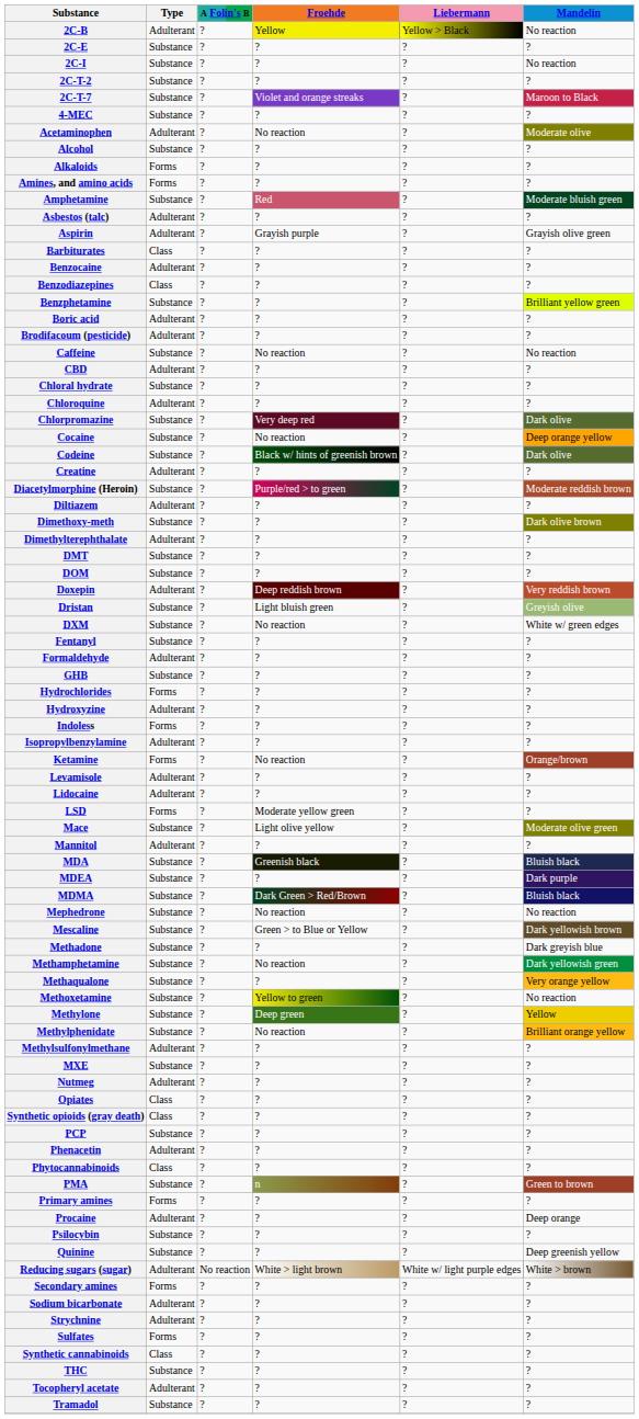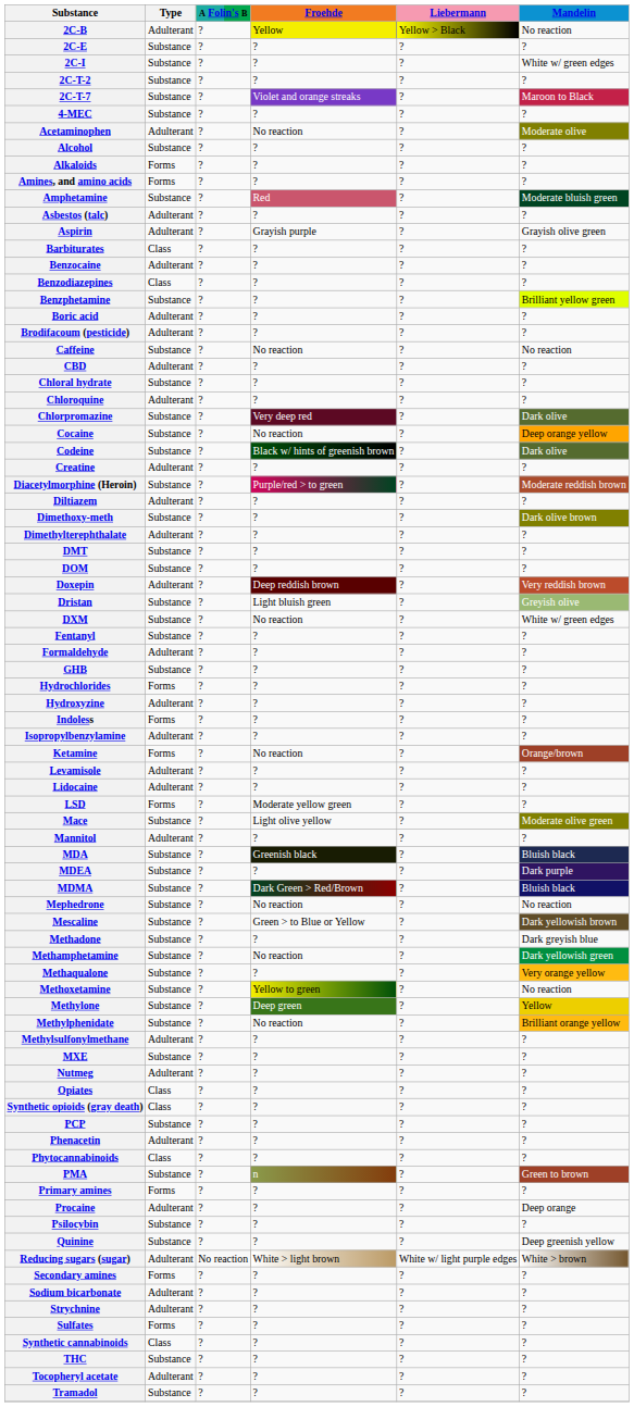 <table class="wikitable sortable">
 <tr>
 <th>Substance</th>
 <th>Type</th>
 <th style="background-image: linear-gradient(to right, #1caca2 50%, #00a74d 50%);"><small>A</small> <a href='#'>Folin's</a> <small>B</small></th>
 <th style="background:#f27b21;"><a href='#'>Froehde</a></th>
 <th style="background:#f69ab1;"><a href='#'>Liebermann</a></th>
 <th style="background:#0c92d1;"><a href='#'>Mandelin</a></th>
 </tr>
 <tr>
 <th><a href='#'>2C-B</a></th>
 <td>Adulterant</td>
 <td>?</td>
 <td style="background:#f4ee00; color:black">Yellow</td>
 <td style="background-image: linear-gradient(to right, #ffff00, #000000); color:black">Yellow > Black</td>
 <td>No reaction</td>
 </tr>
 <tr>
 <th><a href='#'>2C-E</a></th>
 <td>Substance</td>
 <td>?</td>
 <td>?</td>
 <td>?</td>
 <td>?</td>
 </tr>
 <tr>
 <th><a href='#'>2C-I</a></th>
 <td>Substance</td>
 <td>?</td>
 <td>?</td>
 <td>?</td>
-<td>No reaction</td>
+<td>White w/ green edges</td>
 </tr>
 <tr>
 <th><a href='#'>2C-T-2</a></th>
 <td>Substance</td>
 <td>?</td>
 <td>?</td>
 <td>?</td>
 <td>?</td>
 </tr>
 <tr>
 <th><a href='#'>2C-T-7</a></th>
 <td>Substance</td>
 <td>?</td>
 <td style="background:#7839c6; color:white">Violet and orange streaks </td>
 <td>?</td>
 <td style="background:#C32148; color:white">Maroon to Black</td>
 </tr>
 <tr>
 <th><a href='#'>4-MEC</a></th>
 <td>Substance</td>
 <td>?</td>
 <td>?</td>
 <td>?</td>
 <td>?</td>
 </tr>
 <tr>
 <th><a href='#'>Acetaminophen</a></th>
 <td>Adulterant</td>
 <td>?</td>
 <td>No reaction</td>
 <td>?</td>
 <td style="background:#808000; color:white">Moderate olive</td>
 </tr>
 <tr>
 <th><a href='#'>Alcohol</a></th>
 <td>Substance</td>
 <td>?</td>
 <td>?</td>
 <td>?</td>
 <td>?</td>
 </tr>
 <tr>
 <th><a href='#'>Alkaloids</a></th>
 <td>Forms</td>
 <td>?</td>
 <td>?</td>
 <td>?</td>
 <td>?</td>
 </tr>
 <tr>
 <th><a href='#'>Amines</a>, and <a href='#'>amino acids</a></th>
 <td>Forms</td>
 <td>?</td>
 <td>?</td>
 <td>?</td>
 <td>?</td>
 </tr>
 <tr>
 <th><a href='#'>Amphetamine</a></th>
 <td>Substance</td>
 <td>?</td>
 <td style="background:#CA566D; color:white">Red</td>
 <td>?</td>
 <td style="background:#004422; color:white">Moderate bluish green </td>
 </tr>
 <tr>
 <th><a href='#'>Asbestos</a> (<a href='#'>talc</a>)</th>
 <td>Adulterant</td>
 <td>?</td>
 <td>?</td>
 <td>?</td>
 <td>?</td>
 </tr>
 <tr>
 <th><a href='#'>Aspirin</a></th>
 <td>Adulterant</td>
 <td>?</td>
 <td>Grayish purple </td>
 <td>?</td>
 <td>Grayish olive green</td>
 </tr>
 <tr>
 <th><a href='#'>Barbiturates</a></th>
 <td>Class</td>
 <td>?</td>
 <td>?</td>
 <td>?</td>
 <td>?</td>
 </tr>
 <tr>
 <th><a href='#'>Benzocaine</a></th>
 <td>Adulterant</td>
 <td>?</td>
 <td>?</td>
 <td>?</td>
 <td>?</td>
 </tr>
 <tr>
 <th><a href='#'>Benzodiazepines</a></th>
 <td>Class</td>
 <td>?</td>
 <td>?</td>
 <td>?</td>
 <td>?</td>
 </tr>
 <tr>
 <th><a href='#'>Benzphetamine</a></th>
 <td>Substance</td>
 <td>?</td>
 <td>?</td>
 <td>?</td>
 <td style="background:#DFFF00; color:black">Brilliant yellow green</td>
 </tr>
 <tr>
 <th><a href='#'>Boric acid</a></th>
 <td>Adulterant</td>
 <td>?</td>
 <td>?</td>
 <td>?</td>
 <td>?</td>
 </tr>
 <tr>
 <th><a href='#'>Brodifacoum</a> (<a href='#'>pesticide</a>)</th>
 <td>Adulterant</td>
 <td>?</td>
 <td>?</td>
 <td>?</td>
 <td>?</td>
 </tr>
 <tr>
 <th><a href='#'>Caffeine</a></th>
 <td>Substance</td>
 <td>?</td>
 <td>No reaction</td>
 <td>?</td>
 <td>No reaction</td>
 </tr>
 <tr>
 <th><a href='#'>CBD</a></th>
 <td>Adulterant</td>
 <td>?</td>
 <td>?</td>
 <td>?</td>
 <td>?</td>
 </tr>
 <tr>
 <th><a href='#'>Chloral hydrate</a></th>
 <td>Substance</td>
 <td>?</td>
 <td>?</td>
 <td>?</td>
 <td>?</td>
 </tr>
 <tr>
 <th><a href='#'>Chloroquine</a></th>
 <td>Adulterant</td>
 <td>?</td>
 <td>?</td>
 <td>?</td>
 <td>?</td>
 </tr>
 <tr>
 <th><a href='#'>Chlorpromazine</a></th>
 <td>Substance</td>
 <td>?</td>
 <td style="background:#5c0923; color:white">Very deep red</td>
 <td>?</td>
 <td style="background:#556B2F; color:white">Dark olive</td>
 </tr>
 <tr>
 <th><a href='#'>Cocaine</a></th>
 <td>Substance</td>
 <td>?</td>
 <td>No reaction</td>
 <td>?</td>
 <td style="background:#FFA500; color:black">Deep orange yellow</td>
 </tr>
 <tr>
 <th><a href='#'>Codeine</a></th>
 <td>Substance</td>
 <td>?</td>
 <td style="background-image: linear-gradient(to right, #005109, #000000); color:white">Black w/ hints of greenish brown</td>
 <td>?</td>
 <td style="background:#556B2F; color:white">Dark olive </td>
 </tr>
 <tr>
 <th><a href='#'>Creatine</a></th>
 <td>Adulterant</td>
 <td>?</td>
 <td>?</td>
 <td>?</td>
 <td>?</td>
 </tr>
 <tr>
 <th><a href='#'>Diacetylmorphine</a> (Heroin)</th>
 <td>Substance</td>
 <td>?</td>
 <td style="background-image: linear-gradient(to right, #D3035C, #004422); color:white">Purple/red > to green</td>
 <td>?</td>
 <td style="background:#AA4B2B; color:white">Moderate reddish brown</td>
 </tr>
 <tr>
 <th><a href='#'>Diltiazem</a></th>
 <td>Adulterant</td>
 <td>?</td>
 <td>?</td>
 <td>?</td>
 <td>?</td>
 </tr>
 <tr>
 <th><a href='#'>Dimethoxy-meth</a></th>
 <td>Substance</td>
 <td>?</td>
 <td>?</td>
 <td>?</td>
 <td style="background:#808000; color:white">Dark olive brown</td>
 </tr>
 <tr>
 <th><a href='#'>Dimethylterephthalate</a></th>
 <td>Adulterant</td>
 <td>?</td>
 <td>?</td>
 <td>?</td>
 <td>?</td>
 </tr>
 <tr>
 <th><a href='#'>DMT</a></th>
 <td>Substance</td>
 <td>?</td>
 <td>?</td>
 <td>?</td>
 <td>?</td>
 </tr>
 <tr>
 <th><a href='#'>DOM</a></th>
 <td>Substance</td>
 <td>?</td>
 <td>?</td>
 <td>?</td>
 <td>?</td>
 </tr>
 <tr>
 <th><a href='#'>Doxepin</a></th>
 <td>Adulterant</td>
 <td>?</td>
 <td style="background:#590000; color:white">Deep reddish brown</td>
 <td>?</td>
 <td style="background:#BB4B2B; color:white">Very reddish brown</td>
 </tr>
 <tr>
 <th><a href='#'>Dristan</a></th>
 <td>Substance</td>
 <td>?</td>
 <td>Light bluish green</td>
 <td>?</td>
 <td style="background:#9AB973; color:white">Greyish olive</td>
 </tr>
 <tr>
 <th><a href='#'>DXM</a></th>
 <td>Substance</td>
 <td>?</td>
 <td>No reaction</td>
 <td>?</td>
 <td>White w/ green edges</td>
 </tr>
 <tr>
 <th><a href='#'>Fentanyl</a></th>
 <td>Substance</td>
 <td>?</td>
 <td>?</td>
 <td>?</td>
 <td>?</td>
 </tr>
 <tr>
 <th><a href='#'>Formaldehyde</a></th>
 <td>Adulterant</td>
 <td>?</td>
 <td>?</td>
 <td>?</td>
 <td>?</td>
 </tr>
 <tr>
 <th><a href='#'>GHB</a></th>
 <td>Substance</td>
 <td>?</td>
 <td>?</td>
 <td>?</td>
 <td>?</td>
 </tr>
 <tr>
 <th><a href='#'>Hydrochlorides</a></th>
 <td>Forms</td>
 <td>?</td>
 <td>?</td>
 <td>?</td>
 <td>?</td>
 </tr>
 <tr>
 <th><a href='#'>Hydroxyzine</a></th>
 <td>Adulterant</td>
 <td>?</td>
 <td>?</td>
 <td>?</td>
 <td>?</td>
 </tr>
 <tr>
 <th><a href='#'>Indoles</a>s</th>
 <td>Forms</td>
 <td>?</td>
 <td>?</td>
 <td>?</td>
 <td>?</td>
 </tr>
 <tr>
 <th><a href='#'>Isopropylbenzylamine</a></th>
 <td>Adulterant</td>
 <td>?</td>
 <td>?</td>
 <td>?</td>
 <td>?</td>
 </tr>
 <tr>
 <th><a href='#'>Ketamine</a></th>
 <td>Forms</td>
 <td>?</td>
 <td>No reaction</td>
 <td>?</td>
 <td style="background:#9E4027; color:white">Orange/brown</td>
 </tr>
 <tr>
 <th><a href='#'>Levamisole</a></th>
 <td>Adulterant</td>
 <td>?</td>
 <td>?</td>
 <td>?</td>
 <td>?</td>
 </tr>
 <tr>
 <th><a href='#'>Lidocaine</a></th>
 <td>Adulterant</td>
 <td>?</td>
 <td>?</td>
 <td>?</td>
 <td>?</td>
 </tr>
 <tr>
 <th><a href='#'>LSD</a></th>
 <td>Forms</td>
 <td>?</td>
 <td>Moderate yellow green </td>
 <td>?</td>
 <td>?</td>
 </tr>
 <tr>
 <th><a href='#'>Mace</a></th>
 <td>Substance</td>
 <td>?</td>
 <td>Light olive yellow</td>
 <td>?</td>
 <td style="background:#808000; color:white">Moderate olive green </td>
 </tr>
 <tr>
 <th><a href='#'>Mannitol</a></th>
 <td>Adulterant</td>
 <td>?</td>
 <td>?</td>
 <td>?</td>
 <td>?</td>
 </tr>
 <tr>
 <th><a href='#'>MDA</a></th>
 <td>Substance</td>
 <td>?</td>
 <td style="background:#181c03; color:white">Greenish black</td>
 <td>?</td>
 <td style="background:#1D2951; color:white">Bluish black</td>
 </tr>
 <tr>
 <th><a href='#'>MDEA</a></th>
 <td>Substance</td>
 <td>?</td>
 <td>?</td>
 <td>?</td>
 <td style="background:#2F1461; color:white">Dark purple</td>
 </tr>
 <tr>
 <th><a href='#'>MDMA</a></th>
 <td>Substance</td>
 <td>?</td>
 <td style="background-image: linear-gradient(to right, #004422, #8B0000); color:white">Dark Green > Red/Brown</td>
 <td>?</td>
 <td style="background:#111166; color:white">Bluish black</td>
 </tr>
 <tr>
 <th><a href='#'>Mephedrone</a></th>
 <td>Substance</td>
 <td>?</td>
 <td>No reaction</td>
 <td>?</td>
 <td>No reaction</td>
 </tr>
 <tr>
 <th><a href='#'>Mescaline</a></th>
 <td>Substance</td>
 <td>?</td>
 <td>Green > to Blue or Yellow</td>
 <td>?</td>
 <td style="background:#604D28; color:white">Dark yellowish brown </td>
 </tr>
 <tr>
 <th><a href='#'>Methadone</a></th>
 <td>Substance</td>
 <td>?</td>
 <td>?</td>
 <td>?</td>
 <td>Dark greyish blue</td>
 </tr>
 <tr>
 <th><a href='#'>Methamphetamine</a></th>
 <td>Substance</td>
 <td>?</td>
 <td>No reaction</td>
 <td>?</td>
 <td style="background:#008F3F; color:white">Dark yellowish green </td>
 </tr>
 <tr>
 <th><a href='#'>Methaqualone</a></th>
 <td>Substance</td>
 <td>?</td>
 <td>?</td>
 <td>?</td>
 <td style="background:#FFBB11; color:black">Very orange yellow </td>
 </tr>
 <tr>
 <th><a href='#'>Methoxetamine</a></th>
 <td>Substance</td>
 <td>?</td>
 <td style="background-image: linear-gradient(to right, #f4ee00,#005109);">Yellow to green</td>
 <td>?</td>
 <td>No reaction</td>
 </tr>
 <tr>
 <th><a href='#'>Methylone</a></th>
 <td>Substance</td>
 <td>?</td>
 <td style="background:#387519; color:white">Deep green</td>
 <td>?</td>
 <td style="background:#EDCF00; color:black">Yellow</td>
 </tr>
 <tr>
 <th><a href='#'>Methylphenidate</a></th>
 <td>Substance</td>
 <td>?</td>
 <td>No reaction</td>
 <td>?</td>
 <td style="background:#FFBB11; color:black">Brilliant orange yellow</td>
 </tr>
 <tr>
 <th><a href='#'>Methylsulfonylmethane</a></th>
 <td>Adulterant</td>
 <td>?</td>
 <td>?</td>
 <td>?</td>
 <td>?</td>
 </tr>
 <tr>
 <th><a href='#'>MXE</a></th>
 <td>Substance</td>
 <td>?</td>
 <td>?</td>
 <td>?</td>
 <td>?</td>
 </tr>
 <tr>
 <th><a href='#'>Nutmeg</a></th>
 <td>Adulterant</td>
 <td>?</td>
 <td>?</td>
 <td>?</td>
 <td>?</td>
 </tr>
 <tr>
 <th><a href='#'>Opiates</a></th>
 <td>Class</td>
 <td>?</td>
 <td>?</td>
 <td>?</td>
 <td>?</td>
 </tr>
 <tr>
 <th><a href='#'>Synthetic opioids</a> (<a href='#'>gray death</a>)</th>
 <td>Class</td>
 <td>?</td>
 <td>?</td>
 <td>?</td>
 <td>?</td>
 </tr>
 <tr>
 <th><a href='#'>PCP</a></th>
 <td>Substance</td>
 <td>?</td>
 <td>?</td>
 <td>?</td>
 <td>?</td>
 </tr>
 <tr>
 <th><a href='#'>Phenacetin</a></th>
 <td>Adulterant</td>
 <td>?</td>
 <td>?</td>
 <td>?</td>
 <td>?</td>
 </tr>
 <tr>
 <th><a href='#'>Phytocannabinoids</a></th>
 <td>Class</td>
 <td>?</td>
 <td>?</td>
 <td>?</td>
 <td>?</td>
 </tr>
 <tr>
 <th><a href='#'>PMA</a></th>
 <td>Substance</td>
 <td>?</td>
 <td style="background-image: linear-gradient(to right, #8a9b4b, #833c0c); color:white">n</td>
 <td>?</td>
 <td style="background:#9E4027; color:white">Green to brown</td>
 </tr>
 <tr>
 <th><a href='#'>Primary amines</a></th>
 <td>Forms</td>
 <td>?</td>
 <td>?</td>
 <td>?</td>
 <td>?</td>
 </tr>
 <tr>
 <th><a href='#'>Procaine</a></th>
 <td>Adulterant</td>
 <td>?</td>
 <td>?</td>
 <td>?</td>
 <td>Deep orange </td>
 </tr>
 <tr>
 <th><a href='#'>Psilocybin</a></th>
 <td>Substance</td>
 <td>?</td>
 <td>?</td>
 <td>?</td>
 <td>?</td>
 </tr>
 <tr>
 <th><a href='#'>Quinine</a></th>
 <td>Substance</td>
 <td>?</td>
 <td>?</td>
 <td>?</td>
 <td>Deep greenish yellow </td>
 </tr>
 <tr>
 <th><a href='#'>Reducing sugars</a> (<a href='#'>sugar</a>)</th>
 <td>Adulterant</td>
 <td>No reaction</td>
 <td style="background-image: linear-gradient(to right, #ffffff, #bb9a65); color:black">White > light brown</td>
 <td>White w/ light purple edges</td>
 <td style="background-image: linear-gradient(to right, #ffffff, #74572f); color:black">White > brown</td>
 </tr>
 <tr>
 <th><a href='#'>Secondary amines</a></th>
 <td>Forms</td>
 <td>?</td>
 <td>?</td>
 <td>?</td>
 <td>?</td>
 </tr>
 <tr>
 <th><a href='#'>Sodium bicarbonate</a></th>
 <td>Adulterant</td>
 <td>?</td>
 <td>?</td>
 <td>?</td>
 <td>?</td>
 </tr>
 <tr>
 <th><a href='#'>Strychnine</a></th>
 <td>Adulterant</td>
 <td>?</td>
 <td>?</td>
 <td>?</td>
 <td>?</td>
 </tr>
 <tr>
 <th><a href='#'>Sulfates</a></th>
 <td>Forms</td>
 <td>?</td>
 <td>?</td>
 <td>?</td>
 <td>?</td>
 </tr>
 <tr>
 <th><a href='#'>Synthetic cannabinoids</a></th>
 <td>Class</td>
 <td>?</td>
 <td>?</td>
 <td>?</td>
 <td>?</td>
 </tr>
 <tr>
 <th><a href='#'>THC</a></th>
 <td>Substance</td>
 <td>?</td>
 <td>?</td>
 <td>?</td>
 <td>?</td>
 </tr>
 <tr>
 <th><a href='#'>Tocopheryl acetate</a></th>
 <td>Adulterant</td>
 <td>?</td>
 <td>?</td>
 <td>?</td>
 <td>?</td>
 </tr>
 <tr>
 <th><a href='#'>Tramadol</a></th>
 <td>Substance</td>
 <td>?</td>
 <td>?</td>
 <td>?</td>
 <td>?</td>
 </tr>
 <tr>
 </tr>
 </table>
